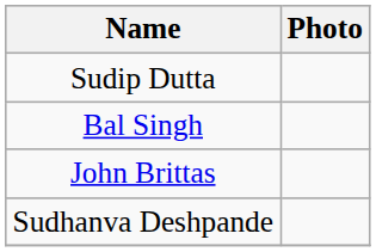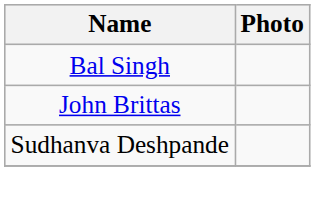 <table class="wikitable sortable" style="text-align:center">
 <tr>
 <th Style="background-color:">Name</th>
 <th Style="background-color:">Photo</th>
-</tr>
-<tr>
-<td>Sudip Dutta</td>
-<td></td>
 </tr>
 <tr>
 <td><a href='#'>Bal Singh</a></td>
 <td></td>
 </tr>
 <tr>
 <td><a href='#'>John Brittas</a></td>
 <td></td>
 </tr>
 <tr>
 <td>Sudhanva Deshpande</td>
 <td></td>
 </tr>
 <tr>
 </tr>
 </table>
